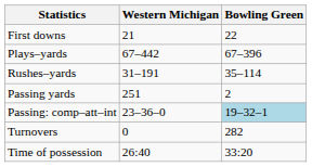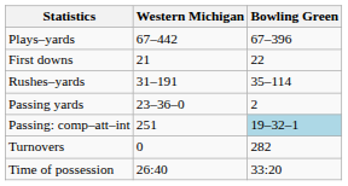 <table class="wikitable" style="float:left">
 <tr>
 <th>Statistics</th>
 <th>Western Michigan</th>
 <th>Bowling Green</th>
 </tr>
 <tr>
+<td>Plays–yards</td>
+<td>67–442</td>
+<td>67–396</td>
+</tr>
+<tr>
 <td>First downs</td>
 <td>21</td>
 <td>22</td>
-</tr>
-<tr>
-<td>Plays–yards</td>
-<td>67–442</td>
-<td>67–396</td>
 </tr>
 <tr>
 <td>Rushes–yards</td>
 <td>31–191</td>
 <td>35–114</td>
 </tr>
 <tr>
 <td>Passing yards</td>
-<td>251</td>
+<td>23–36–0</td>
 <td>2</td>
 </tr>
 <tr>
 <td>Passing: comp–att–int</td>
-<td>23–36–0</td>
+<td>251</td>
 <td style="background: lightblue;">19–32–1</td>
 </tr>
 <tr>
 <td>Turnovers</td>
 <td>0</td>
 <td>282</td>
 </tr>
 <tr>
 <td>Time of possession</td>
 <td>26:40</td>
 <td>33:20</td>
 </tr>
 </table>
